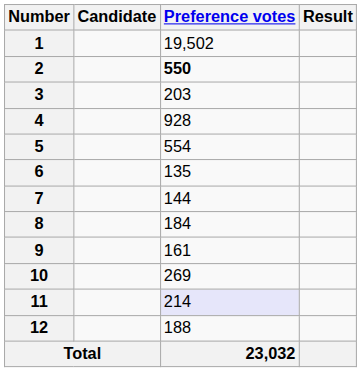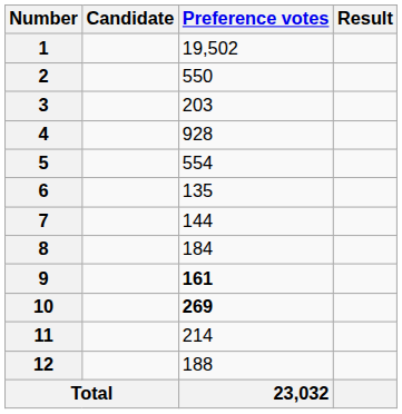 <table class="wikitable sortable" >
 <tr>
 <th scope="col">Number</th>
 <th scope="col">Candidate</th>
 <th scope="col"><a href='#'>Preference votes</a></th>
 <th scope="col">Result</th>
 </tr>
 <tr>
 <th scope="row">1</th>
 <td style="text-align:left"></td>
 <td>19,502</td>
 <td></td>
 </tr>
 <tr>
 <th scope="row">2</th>
 <td style="text-align:left"></td>
-<td><strong>550</strong></td>
+<td>550</td>
 <td></td>
 </tr>
 <tr>
 <th scope="row">3</th>
 <td style="text-align:left"></td>
 <td>203</td>
 <td></td>
 </tr>
 <tr>
 <th scope="row">4</th>
 <td style="text-align:left"></td>
 <td>928</td>
 <td></td>
 </tr>
 <tr>
 <th scope="row">5</th>
 <td style="text-align:left"></td>
 <td>554</td>
 <td></td>
 </tr>
 <tr>
 <th scope="row">6</th>
 <td style="text-align:left"></td>
 <td>135</td>
 <td></td>
 </tr>
 <tr>
 <th scope="row">7</th>
 <td style="text-align:left"></td>
 <td>144</td>
 <td></td>
 </tr>
 <tr>
 <th scope="row">8</th>
 <td style="text-align:left"></td>
 <td>184</td>
 <td></td>
 </tr>
 <tr>
 <th scope="row">9</th>
 <td style="text-align:left"></td>
-<td>161</td>
+<td><strong>161</strong></td>
 <td></td>
 </tr>
 <tr>
 <th scope="row">10</th>
 <td style="text-align:left"></td>
-<td>269</td>
+<td><strong>269</strong></td>
 <td></td>
 </tr>
 <tr>
 <th scope="row">11</th>
 <td style="text-align:left"></td>
-<td style="background: lavender;">214</td>
+<td>214</td>
 <td></td>
 </tr>
 <tr>
 <th scope="row">12</th>
 <td style="text-align:left"></td>
 <td>188</td>
 <td></td>
 </tr>
 <tr class="sortbottom">
 <th scope="row"  colspan="2">Total</th>
 <th style="text-align:right">23,032</th>
 <th></th>
 </tr>
 </table>
